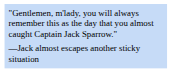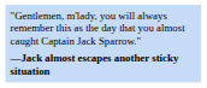 <table class="toccolours" style="float: right; margin-left: 1em; margin-right: 2em; font-size: 85%; background:#c6dbf7; color:black; width:30em; max-width: 40%;" cellspacing="5">
 <tr>
 <td style="text-align: left;">"Gentlemen, m'lady, you will always remember this as the day that you almost caught Captain Jack Sparrow."</td>
 </tr>
 <tr>
-<td style="text-align: left;">—Jack almost escapes another sticky situation</td>
+<td style="text-align: left;"><strong>—Jack almost escapes another sticky situation</strong></td>
 </tr>
 </table>
